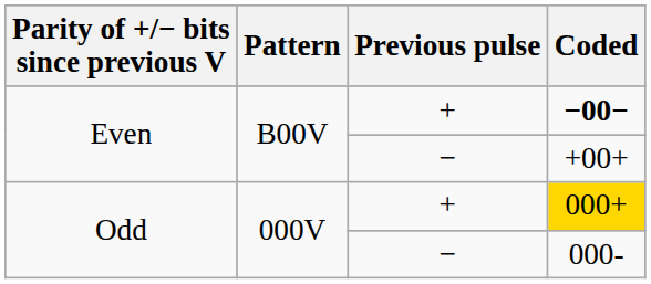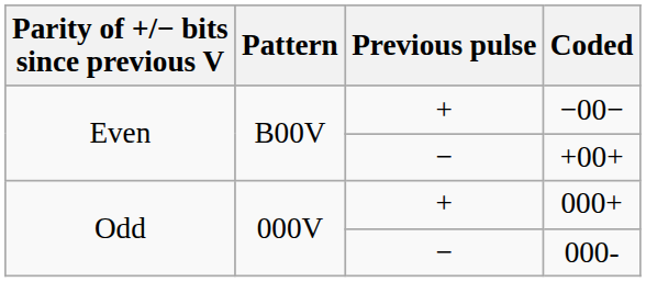 <table class=wikitable style="text-align:center;">
 <tr>
 <th>Parity of +/− bits<br>since previous V</th>
 <th>Pattern</th>
 <th>Previous pulse</th>
 <th>Coded</th>
 </tr>
 <tr>
 <td rowspan=2>Even</td>
 <td rowspan="2">B00V</td>
 <td>+</td>
-<td><strong>−00−</strong></td>
+<td>−00−</td>
 </tr>
 <tr>
 <td>−</td>
 <td>+00+</td>
 </tr>
 <tr>
 <td rowspan=2>Odd</td>
 <td rowspan="2">000V</td>
 <td>+</td>
-<td style="background: gold;">000+</td>
+<td>000+</td>
 </tr>
 <tr>
 <td>−</td>
 <td>000-</td>
 </tr>
 </table>
